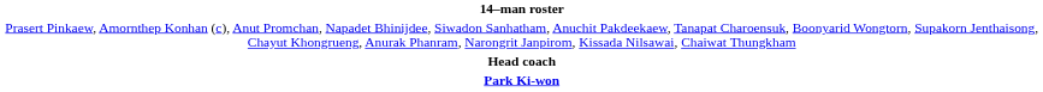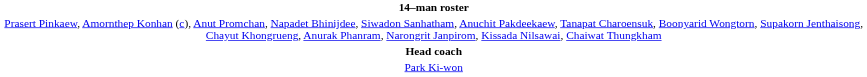 <table style="text-align:center; margin-top:2em; margin-left:auto; margin-right:auto">
 <tr>
 <td><strong>14–man roster</strong></td>
 </tr>
 <tr>
 <td><a href='#'>Prasert Pinkaew</a>, <a href='#'>Amornthep Konhan</a> (<a href='#'>c</a>), <a href='#'>Anut Promchan</a>, <a href='#'>Napadet Bhinijdee</a>, <a href='#'>Siwadon Sanhatham</a>, <a href='#'>Anuchit Pakdeekaew</a>, <a href='#'>Tanapat Charoensuk</a>, <a href='#'>Boonyarid Wongtorn</a>, <a href='#'>Supakorn Jenthaisong</a>, <a href='#'>Chayut Khongrueng</a>, <a href='#'>Anurak Phanram</a>, <a href='#'>Narongrit Janpirom</a>, <a href='#'>Kissada Nilsawai</a>, <a href='#'>Chaiwat Thungkham</a></td>
 </tr>
 <tr>
 <td><strong>Head coach</strong></td>
 </tr>
 <tr>
-<td><strong> <a href='#'>Park Ki-won</a></strong></td>
+<td> <a href='#'>Park Ki-won</a></td>
 </tr>
 </table>
